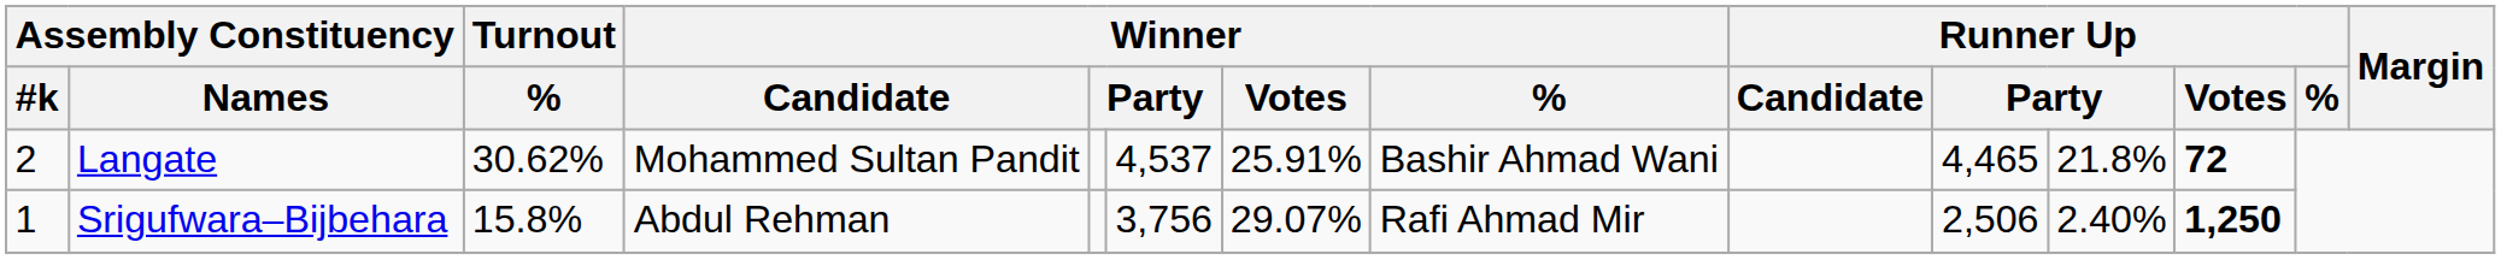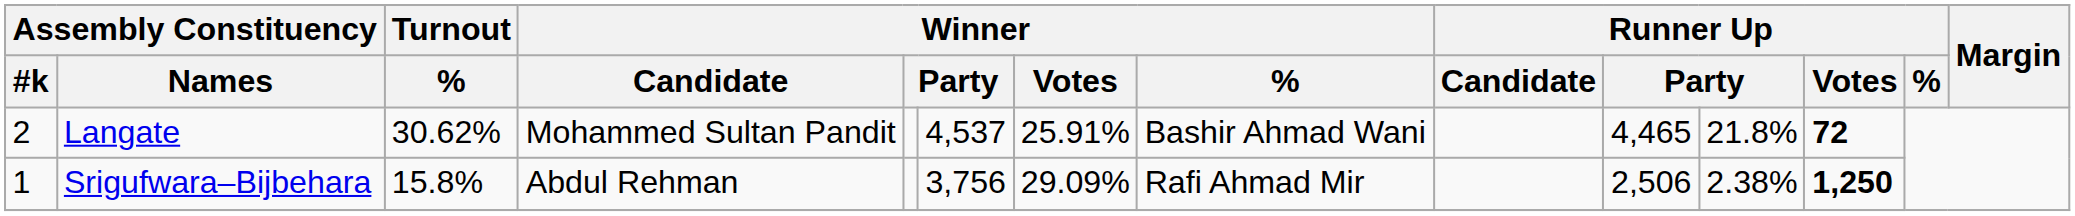 <table class="wikitable sortable">
 <tr>
 <th colspan="2">Assembly Constituency</th>
 <th>Turnout</th>
 <th colspan="5">Winner</th>
 <th colspan="5">Runner Up</th>
 <th rowspan="2" data-sort-type=number>Margin</th>
 </tr>
 <tr>
 <th>#k</th>
 <th>Names</th>
 <th>%</th>
 <th>Candidate</th>
 <th colspan="2">Party</th>
 <th data-sort-type=number>Votes</th>
 <th>%</th>
 <th>Candidate</th>
 <th colspan="2">Party</th>
 <th data-sort-type=number>Votes</th>
 <th>%</th>
 </tr>
 <tr>
 <td>2</td>
 <td><a href='#'>Langate</a></td>
 <td>30.62%</td>
 <td>Mohammed Sultan Pandit</td>
 <td></td>
 <td>4,537</td>
 <td>25.91%</td>
 <td>Bashir Ahmad Wani</td>
 <td></td>
 <td>4,465</td>
 <td>21.8%</td>
 <td style="background:"><span><strong>72</strong></span></td>
 </tr>
 <tr>
 <td>1</td>
 <td><a href='#'>Srigufwara–Bijbehara</a></td>
 <td>15.8%</td>
 <td>Abdul Rehman</td>
 <td></td>
 <td>3,756</td>
-<td>29.07%</td>
+<td>29.09%</td>
 <td>Rafi Ahmad Mir</td>
 <td></td>
 <td>2,506</td>
-<td>2.40%</td>
+<td>2.38%</td>
 <td style="background:"><span><strong>1,250</strong></span></td>
 </tr>
 <tr>
 </tr>
 </table>
